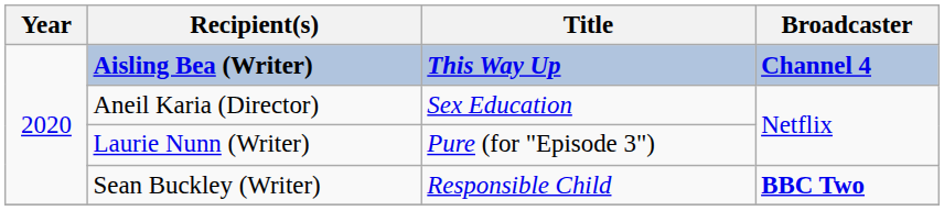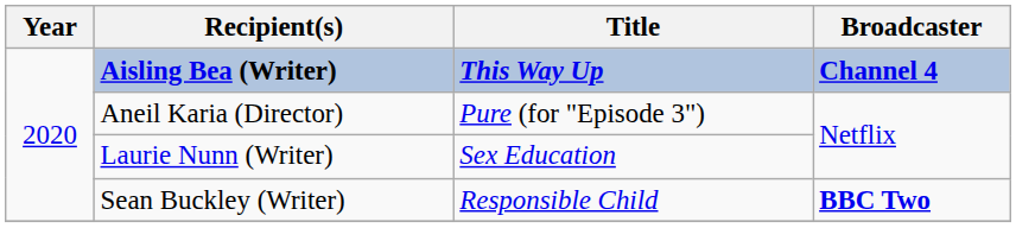 <table class="wikitable" width="95%">
 <tr>
 <th width=5%>Year</th>
 <th width=25%>Recipient(s)</th>
 <th width=25%>Title</th>
 <th width=10%>Broadcaster</th>
 </tr>
 <tr>
 <td rowspan="4" style="text-align:center;"><a href='#'>2020</a><br></td>
 <td style="background:#B0C4DE;"><strong><a href='#'>Aisling Bea</a> (Writer)</strong></td>
 <td style="background:#B0C4DE;"><strong><em><a href='#'>This Way Up</a></em></strong></td>
 <td style="background:#B0C4DE;"><strong><a href='#'>Channel 4</a></strong></td>
 </tr>
 <tr>
 <td>Aneil Karia (Director)</td>
-<td><em><a href='#'>Sex Education</a></em></td>
+<td><em><a href='#'>Pure</a></em> (for "Episode 3")</td>
 <td rowspan="2"><a href='#'>Netflix</a></td>
 </tr>
 <tr>
 <td><a href='#'>Laurie Nunn</a> (Writer)</td>
-<td><em><a href='#'>Pure</a></em> (for "Episode 3")</td>
+<td><em><a href='#'>Sex Education</a></em></td>
 </tr>
 <tr>
 <td>Sean Buckley (Writer)</td>
 <td><em><a href='#'>Responsible Child</a></em></td>
 <td><strong><a href='#'>BBC Two</a></strong></td>
 </tr>
 <tr>
 </tr>
 </table>
